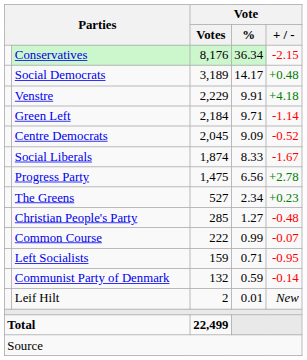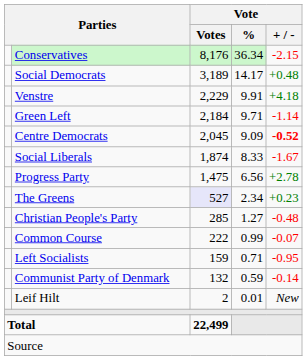 <table class="wikitable" style="text-align:right;">
 <tr>
 <th style="text-align:centre;" rowspan="2" colspan="2" width="225">Parties</th>
 <th colspan="3">Vote</th>
 </tr>
 <tr>
 <th width="15">Votes</th>
 <th width="15">%</th>
 <th width="15">+ / -</th>
 </tr>
 <tr>
 <td width="2" style="color:inherit;background:"></td>
 <td bgcolor=#ccf7cc  align="left"><a href='#'>Conservatives</a></td>
 <td bgcolor=#ccf7cc>8,176</td>
 <td bgcolor=#ccf7cc>36.34</td>
 <td style=color:red;>-2.15</td>
 </tr>
 <tr>
 <td width="2" style="color:inherit;background:"></td>
 <td align="left"><a href='#'>Social Democrats</a></td>
 <td>3,189</td>
 <td>14.17</td>
 <td style=color:green;>+0.48</td>
 </tr>
 <tr>
 <td width="2" style="color:inherit;background:"></td>
 <td align="left"><a href='#'>Venstre</a></td>
 <td>2,229</td>
 <td>9.91</td>
 <td style=color:green;>+4.18</td>
 </tr>
 <tr>
 <td width="2" style="color:inherit;background:"></td>
 <td align="left"><a href='#'>Green Left</a></td>
 <td>2,184</td>
 <td>9.71</td>
 <td style=color:red;>-1.14</td>
 </tr>
 <tr>
 <td width="2" style="color:inherit;background:"></td>
 <td align="left"><a href='#'>Centre Democrats</a></td>
 <td>2,045</td>
 <td>9.09</td>
-<td style=color:red;>-0.52</td>
+<td style=color:red;><strong>-0.52</strong></td>
 </tr>
 <tr>
 <td width="2" style="color:inherit;background:"></td>
 <td align="left"><a href='#'>Social Liberals</a></td>
 <td>1,874</td>
 <td>8.33</td>
 <td style=color:red;>-1.67</td>
 </tr>
 <tr>
 <td width="2" style="color:inherit;background:"></td>
 <td align="left"><a href='#'>Progress Party</a></td>
 <td>1,475</td>
 <td>6.56</td>
 <td style=color:green;>+2.78</td>
 </tr>
 <tr>
 <td width="2" style="color:inherit;background:"></td>
 <td align="left"><a href='#'>The Greens</a></td>
-<td>527</td>
+<td style="background: lavender;">527</td>
 <td>2.34</td>
 <td style=color:green;>+0.23</td>
 </tr>
 <tr>
 <td width="2" style="color:inherit;background:"></td>
 <td align="left"><a href='#'>Christian People's Party</a></td>
 <td>285</td>
 <td>1.27</td>
 <td style=color:red;>-0.48</td>
 </tr>
 <tr>
 <td width="2" style="color:inherit;background:"></td>
 <td align="left"><a href='#'>Common Course</a></td>
 <td>222</td>
 <td>0.99</td>
 <td style=color:red;>-0.07</td>
 </tr>
 <tr>
 <td width="2" style="color:inherit;background:"></td>
 <td align="left"><a href='#'>Left Socialists</a></td>
 <td>159</td>
 <td>0.71</td>
 <td style=color:red;>-0.95</td>
 </tr>
 <tr>
 <td width="2" style="color:inherit;background:"></td>
 <td align="left"><a href='#'>Communist Party of Denmark</a></td>
 <td>132</td>
 <td>0.59</td>
 <td style=color:red;>-0.14</td>
 </tr>
 <tr>
 <td width="2" style="color:inherit;background:"></td>
 <td align="left">Leif Hilt</td>
 <td>2</td>
 <td>0.01</td>
 <td><em>New</em></td>
 </tr>
 <tr>
 <td colspan="7" bgcolor="#E9E9E9"></td>
 </tr>
 <tr>
 <td align="left" colspan="2"><strong>Total</strong></td>
 <td><strong>22,499</strong></td>
 <td bgcolor="#E9E9E9" colspan="2"></td>
 </tr>
 <tr>
 <td align="left" colspan="6">Source</td>
 </tr>
 </table>
